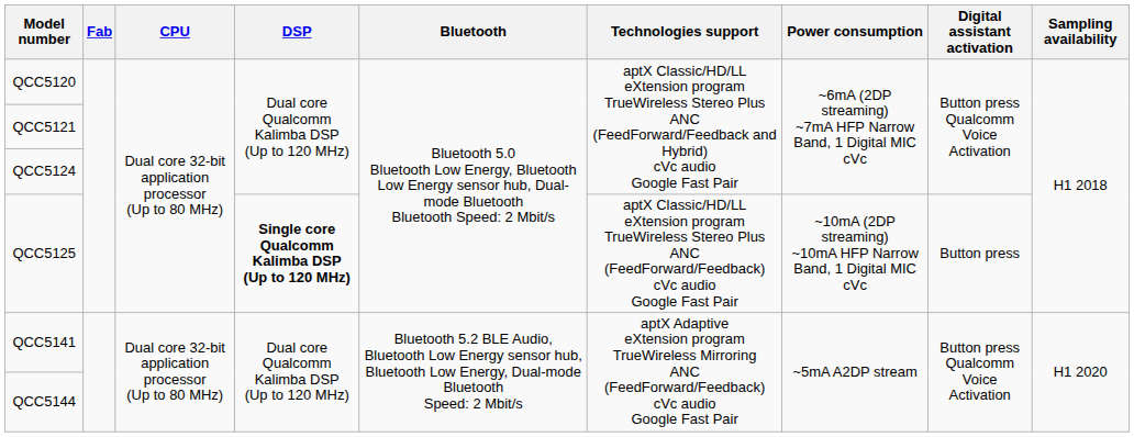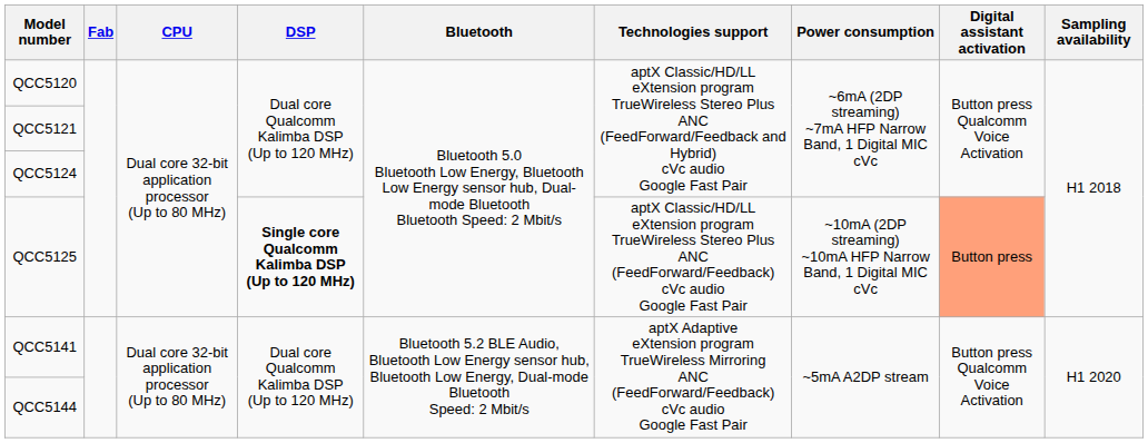 <table class="wikitable" style="width:100%; text-align:center">
 <tr>
 <th>Model number</th>
 <th><a href='#'>Fab</a></th>
 <th><a href='#'>CPU</a></th>
 <th><a href='#'>DSP</a></th>
 <th>Bluetooth</th>
 <th>Technologies support</th>
 <th>Power consumption</th>
 <th>Digital assistant activation</th>
 <th>Sampling availability</th>
 </tr>
 <tr>
 <td>QCC5120</td>
 <td rowspan="4"></td>
 <td rowspan="4">Dual core 32-bit application processor<br>(Up to 80 MHz)</td>
 <td rowspan="3">Dual core Qualcomm Kalimba DSP<br>(Up to 120 MHz)</td>
 <td rowspan="4">Bluetooth 5.0<br>Bluetooth Low Energy, Bluetooth Low Energy sensor hub, Dual-mode Bluetooth<br>Bluetooth Speed: 2 Mbit/s</td>
 <td rowspan="3">aptX Classic/HD/LL<br>eXtension program<br>TrueWireless Stereo Plus<br>ANC (FeedForward/Feedback and Hybrid)<br>cVc audio<br>Google Fast Pair</td>
 <td rowspan="3">~6mA (2DP streaming)<br>~7mA HFP Narrow Band, 1 Digital MIC cVc</td>
 <td rowspan="3">Button press<br>Qualcomm Voice Activation</td>
 <td rowspan="4">H1 2018</td>
 </tr>
 <tr>
 <td>QCC5121</td>
 </tr>
 <tr>
 <td>QCC5124</td>
 </tr>
 <tr>
 <td>QCC5125</td>
 <td><strong>Single core Qualcomm Kalimba DSP<br>(Up to 120 MHz)</strong></td>
 <td>aptX Classic/HD/LL<br>eXtension program<br>TrueWireless Stereo Plus<br>ANC (FeedForward/Feedback)<br>cVc audio<br>Google Fast Pair</td>
 <td>~10mA (2DP streaming)<br>~10mA HFP Narrow Band, 1 Digital MIC cVc</td>
-<td>Button press</td>
+<td style="background: lightsalmon;">Button press</td>
 </tr>
 <tr>
 <td>QCC5141</td>
 <td rowspan="2"></td>
 <td rowspan="2">Dual core 32-bit application processor<br>(Up to 80 MHz)</td>
 <td rowspan="2">Dual core Qualcomm Kalimba DSP<br>(Up to 120 MHz)</td>
 <td rowspan="2">Bluetooth 5.2 BLE Audio, Bluetooth Low Energy sensor hub, Bluetooth Low Energy, Dual-mode Bluetooth<br>Speed: 2 Mbit/s</td>
 <td rowspan="2">aptX Adaptive<br>eXtension program<br>TrueWireless Mirroring<br>ANC (FeedForward/Feedback)<br>cVc audio<br>Google Fast Pair</td>
 <td rowspan="2">~5mA A2DP stream</td>
 <td rowspan="2">Button press<br>Qualcomm Voice Activation</td>
 <td rowspan="2">H1 2020</td>
 </tr>
 <tr>
 <td>QCC5144</td>
 </tr>
 </table>
